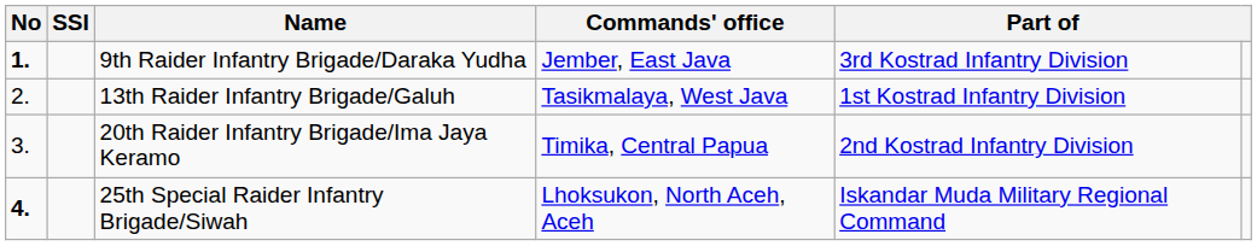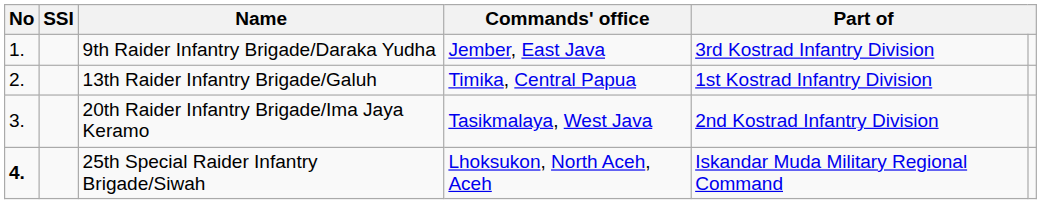 <table class = "wikitable">
 <tr cccccc>
 <th width = "20">No</th>
 <th>SSI</th>
 <th width="300">Name</th>
 <th width = "200">Commands' office</th>
 <th colspan="2" width="200">Part of</th>
 </tr>
 <tr>
-<td><strong>1.</strong></td>
+<td>1.</td>
 <td></td>
 <td>9th Raider Infantry Brigade/Daraka Yudha</td>
 <td><a href='#'>Jember</a>, <a href='#'>East Java</a></td>
 <td><a href='#'>3rd Kostrad Infantry Division</a></td>
 <td></td>
 </tr>
 <tr>
 <td>2.</td>
 <td></td>
 <td>13th Raider Infantry Brigade/Galuh</td>
-<td><a href='#'>Tasikmalaya</a>, <a href='#'>West Java</a></td>
+<td><a href='#'>Timika</a>, <a href='#'>Central Papua</a></td>
 <td><a href='#'>1st Kostrad Infantry Division</a></td>
 <td></td>
 </tr>
 <tr>
 <td>3.</td>
 <td></td>
 <td>20th Raider Infantry Brigade/Ima Jaya Keramo</td>
-<td><a href='#'>Timika</a>, <a href='#'>Central Papua</a></td>
+<td><a href='#'>Tasikmalaya</a>, <a href='#'>West Java</a></td>
 <td><a href='#'>2nd Kostrad Infantry Division</a></td>
 <td></td>
 </tr>
 <tr>
 <td><strong>4.</strong></td>
 <td></td>
 <td>25th Special Raider Infantry Brigade/Siwah</td>
 <td><a href='#'>Lhoksukon</a>, <a href='#'>North Aceh</a>, <a href='#'>Aceh</a></td>
 <td><a href='#'>Iskandar Muda Military Regional Command</a></td>
 <td></td>
 </tr>
 </table>
